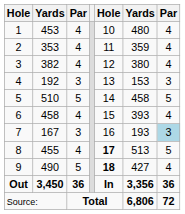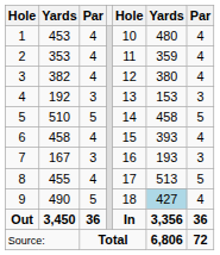 <table class="wikitable" style="text-align:center; font-size:95%;">
 <tr>
 <th>Hole</th>
 <th>Yards</th>
 <th>Par</th>
 <th></th>
 <th>Hole</th>
 <th>Yards</th>
 <th>Par</th>
 </tr>
 <tr>
 <td>1</td>
 <td>453</td>
 <td>4</td>
 <td rowspan=10 style="background:#DCDCDC;"></td>
 <td>10</td>
 <td>480</td>
 <td>4</td>
 </tr>
 <tr>
 <td>2</td>
 <td>353</td>
 <td>4</td>
 <td>11</td>
 <td>359</td>
 <td>4</td>
 </tr>
 <tr>
 <td>3</td>
 <td>382</td>
 <td>4</td>
 <td>12</td>
 <td>380</td>
 <td>4</td>
 </tr>
 <tr>
 <td>4</td>
 <td>192</td>
 <td>3</td>
 <td>13</td>
 <td>153</td>
 <td>3</td>
 </tr>
 <tr>
 <td>5</td>
 <td>510</td>
 <td>5</td>
 <td>14</td>
 <td>458</td>
 <td>5</td>
 </tr>
 <tr>
 <td>6</td>
 <td>458</td>
 <td>4</td>
 <td>15</td>
 <td>393</td>
 <td>4</td>
 </tr>
 <tr>
 <td>7</td>
 <td>167</td>
 <td>3</td>
 <td>16</td>
 <td>193</td>
-<td style="background: lightblue;">3</td>
+<td>3</td>
 </tr>
 <tr>
 <td>8</td>
 <td>455</td>
 <td>4</td>
-<td><strong>17</strong></td>
+<td>17</td>
 <td>513</td>
 <td>5</td>
 </tr>
 <tr>
 <td>9</td>
 <td>490</td>
 <td>5</td>
-<td><strong>18</strong></td>
-<td>427</td>
+<td>18</td>
+<td style="background: lightblue;">427</td>
 <td>4</td>
 </tr>
 <tr>
 <td><strong>Out</strong></td>
 <td><strong>3,450</strong></td>
 <td><strong>36</strong></td>
 <td><strong>In</strong></td>
 <td><strong>3,356</strong></td>
 <td><strong>36</strong></td>
 </tr>
 <tr>
 <td colspan=2 align=left><small>Source:</small></td>
 <td colspan=3><strong>Total</strong></td>
 <td><strong>6,806</strong></td>
 <td><strong>72</strong></td>
 </tr>
 </table>
